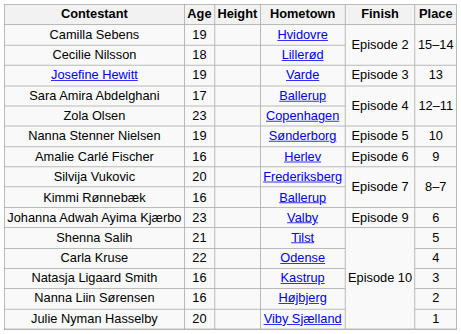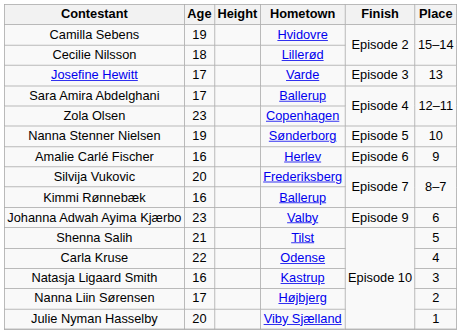 <table class="wikitable sortable" style="text-align:center;">
 <tr>
 <th>Contestant</th>
 <th>Age</th>
 <th>Height</th>
 <th>Hometown</th>
 <th>Finish</th>
 <th>Place</th>
 </tr>
 <tr>
 <td>Camilla Sebens</td>
 <td>19</td>
 <td></td>
 <td><a href='#'>Hvidovre</a></td>
 <td rowspan="2">Episode 2</td>
 <td rowspan="2">15–14</td>
 </tr>
 <tr>
 <td>Cecilie Nilsson</td>
 <td>18</td>
 <td></td>
 <td><a href='#'>Lillerød</a></td>
 </tr>
 <tr>
 <td><a href='#'>Josefine Hewitt</a></td>
-<td>19</td>
+<td>17</td>
 <td></td>
 <td><a href='#'>Varde</a></td>
 <td>Episode 3</td>
 <td>13</td>
 </tr>
 <tr>
 <td>Sara Amira Abdelghani</td>
 <td>17</td>
 <td></td>
 <td><a href='#'>Ballerup</a></td>
 <td rowspan="2">Episode 4</td>
 <td rowspan="2">12–11</td>
 </tr>
 <tr>
 <td>Zola Olsen</td>
 <td>23</td>
 <td></td>
 <td><a href='#'>Copenhagen</a></td>
 </tr>
 <tr>
 <td>Nanna Stenner Nielsen</td>
 <td>19</td>
 <td></td>
 <td><a href='#'>Sønderborg</a></td>
 <td>Episode 5</td>
 <td>10</td>
 </tr>
 <tr>
 <td>Amalie Carlé Fischer</td>
 <td>16</td>
 <td></td>
 <td><a href='#'>Herlev</a></td>
 <td>Episode 6</td>
 <td>9</td>
 </tr>
 <tr>
 <td>Silvija Vukovic</td>
 <td>20</td>
 <td></td>
 <td><a href='#'>Frederiksberg</a></td>
 <td rowspan="2">Episode 7</td>
 <td rowspan="2">8–7</td>
 </tr>
 <tr>
 <td>Kimmi Rønnebæk</td>
 <td>16</td>
 <td></td>
 <td><a href='#'>Ballerup</a></td>
 </tr>
 <tr>
 <td>Johanna Adwah Ayima Kjærbo</td>
 <td>23</td>
 <td></td>
 <td><a href='#'>Valby</a></td>
 <td>Episode 9</td>
 <td>6</td>
 </tr>
 <tr>
 <td>Shenna Salih</td>
 <td>21</td>
 <td></td>
 <td><a href='#'>Tilst</a></td>
 <td rowspan="5">Episode 10</td>
 <td>5</td>
 </tr>
 <tr>
 <td>Carla Kruse</td>
 <td>22</td>
 <td></td>
 <td><a href='#'>Odense</a></td>
 <td>4</td>
 </tr>
 <tr>
 <td>Natasja Ligaard Smith</td>
 <td>16</td>
 <td></td>
 <td><a href='#'>Kastrup</a></td>
 <td>3</td>
 </tr>
 <tr>
 <td>Nanna Liin Sørensen</td>
-<td>16</td>
+<td>17</td>
 <td></td>
 <td><a href='#'>Højbjerg</a></td>
 <td>2</td>
 </tr>
 <tr>
 <td>Julie Nyman Hasselby</td>
 <td>20</td>
 <td></td>
 <td><a href='#'>Viby Sjælland</a></td>
 <td>1</td>
 </tr>
 <tr>
 </tr>
 </table>
